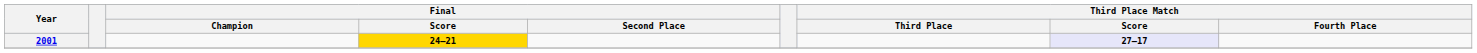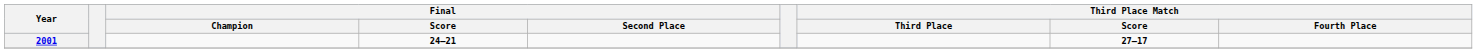 <table class="wikitable" style="font-size:90%;" width=100%>
 <tr bgcolor=#C1D8FF>
 <th rowspan=2 width=5%>Year</th>
 <th width=1% rowspan=3 bgcolor=ffffff></th>
 <th colspan=3>Final</th>
 <th width=1% rowspan=3 bgcolor=ffffff></th>
 <th colspan=3>Third Place Match</th>
 </tr>
 <tr bgcolor=#EFEFEF>
 <th width=15%>Champion</th>
 <th width=10%>Score</th>
 <th width=15%>Second Place</th>
 <th width=15%>Third Place</th>
 <th width=10%>Score</th>
 <th width=15%>Fourth Place</th>
 </tr>
 <tr align=center>
 <th><a href='#'>2001</a></th>
 <td><strong></strong></td>
-<td style="background: gold;"><strong>24–21</strong></td>
+<td><strong>24–21</strong></td>
 <td></td>
 <td></td>
-<td style="background: lavender;"><strong>27–17</strong></td>
+<td><strong>27–17</strong></td>
 <td></td>
 </tr>
 <tr>
 </tr>
 </table>
